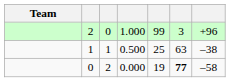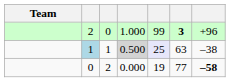 <table class="wikitable" style="text-align:center; width:50%">
 <tr>
 <th width="35%">Team</th>
 <th width="8%"></th>
 <th width="8%"></th>
 <th width="14%"></th>
 <th width="10%"></th>
 <th width="10%"></th>
 <th width="15%"></th>
 </tr>
 <tr style="background:#CCFFCC;">
 <td style="text-align:left;"></td>
 <td>2</td>
 <td>0</td>
 <td>1.000</td>
 <td>99</td>
-<td>3</td>
+<td><strong>3</strong></td>
 <td>+96</td>
 </tr>
 <tr>
 <td style="text-align:left;"></td>
+<td style="background: lightblue;">1</td>
 <td>1</td>
-<td>1</td>
-<td>0.500</td>
-<td>25</td>
+<td style="background: lightgrey;">0.500</td>
+<td style="background: lavender;">25</td>
 <td>63</td>
 <td>–38</td>
 </tr>
 <tr>
 <td style="text-align:left;"></td>
 <td>0</td>
 <td>2</td>
 <td>0.000</td>
 <td>19</td>
-<td><strong>77</strong></td>
-<td>–58</td>
+<td>77</td>
+<td><strong>–58</strong></td>
 </tr>
 </table>
